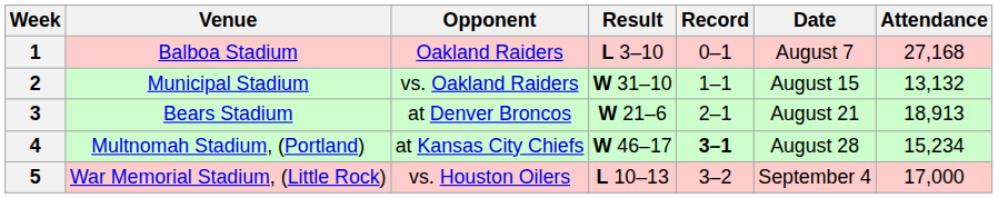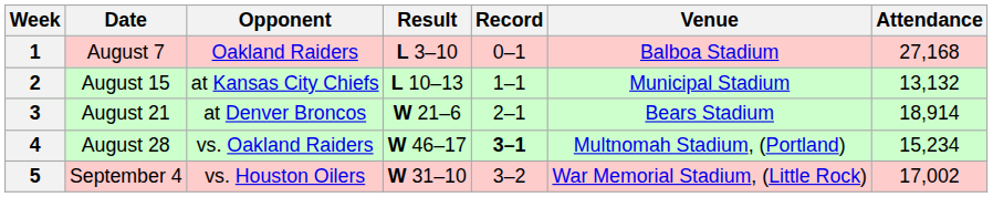 <table class="wikitable" style="text-align:center">
 <tr>
 <th>Week</th>
-<th>Venue</th>
+<th>Date</th>
 <th>Opponent</th>
 <th>Result</th>
 <th>Record</th>
-<th>Date</th>
+<th>Venue</th>
 <th>Attendance</th>
 </tr>
 <tr style="background:#fcc">
 <th>1</th>
-<td><a href='#'>Balboa Stadium</a></td>
+<td>August 7</td>
 <td><a href='#'>Oakland Raiders</a></td>
 <td><strong>L</strong> 3–10</td>
 <td>0–1</td>
-<td>August 7</td>
+<td><a href='#'>Balboa Stadium</a></td>
 <td>27,168</td>
 </tr>
 <tr style="background:#cfc">
 <th>2</th>
+<td>August 15</td>
+<td>at <a href='#'>Kansas City Chiefs</a></td>
+<td><strong>L</strong> 10–13</td>
+<td>1–1</td>
 <td><a href='#'>Municipal Stadium</a></td>
-<td>vs. <a href='#'>Oakland Raiders</a></td>
-<td><strong>W</strong> 31–10</td>
-<td>1–1</td>
-<td>August 15</td>
 <td>13,132</td>
 </tr>
 <tr style="background:#cfc">
 <th>3</th>
-<td><a href='#'>Bears Stadium</a></td>
+<td>August 21</td>
 <td>at <a href='#'>Denver Broncos</a></td>
 <td><strong>W</strong> 21–6</td>
 <td>2–1</td>
-<td>August 21</td>
-<td>18,913</td>
+<td><a href='#'>Bears Stadium</a></td>
+<td>18,914</td>
 </tr>
 <tr style="background:#cfc">
 <th>4</th>
-<td><a href='#'>Multnomah Stadium</a>, (<a href='#'>Portland</a>)</td>
-<td>at <a href='#'>Kansas City Chiefs</a></td>
+<td>August 28</td>
+<td>vs. <a href='#'>Oakland Raiders</a></td>
 <td><strong>W</strong> 46–17</td>
 <td><strong>3–1</strong></td>
-<td>August 28</td>
+<td><a href='#'>Multnomah Stadium</a>, (<a href='#'>Portland</a>)</td>
 <td>15,234</td>
 </tr>
 <tr style="background:#fcc">
 <th>5</th>
+<td>September 4</td>
+<td>vs. <a href='#'>Houston Oilers</a></td>
+<td><strong>W</strong> 31–10</td>
+<td>3–2</td>
 <td><a href='#'>War Memorial Stadium</a>, (<a href='#'>Little Rock</a>)</td>
-<td>vs. <a href='#'>Houston Oilers</a></td>
-<td><strong>L</strong> 10–13</td>
-<td>3–2</td>
-<td>September 4</td>
-<td>17,000</td>
+<td>17,002</td>
 </tr>
 </table>
